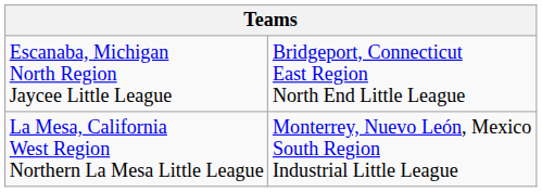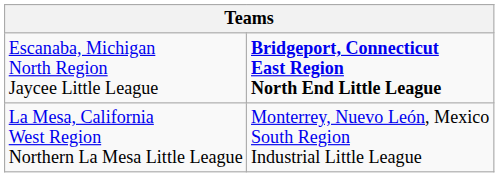 <table class="wikitable">
 <tr>
 <th colspan="2" align="center">Teams</th>
 </tr>
 <tr>
 <td> <a href='#'>Escanaba, Michigan</a><br><a href='#'>North Region</a><br>Jaycee Little League</td>
-<td> <a href='#'>Bridgeport, Connecticut</a><br><a href='#'>East Region</a><br>North End Little League</td>
+<td><strong> <a href='#'>Bridgeport, Connecticut</a><br><a href='#'>East Region</a><br>North End Little League</strong></td>
 </tr>
 <tr>
 <td> <a href='#'>La Mesa, California</a><br><a href='#'>West Region</a><br>Northern La Mesa Little League</td>
 <td> <a href='#'>Monterrey, Nuevo León</a>, Mexico<br><a href='#'>South Region</a><br>Industrial Little League</td>
 </tr>
 </table>
